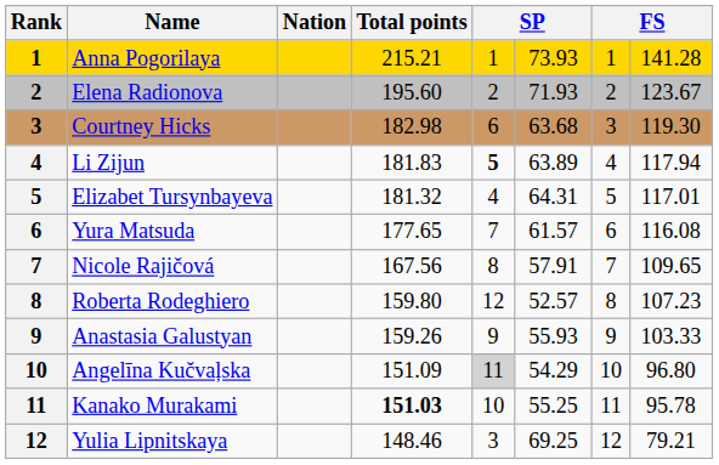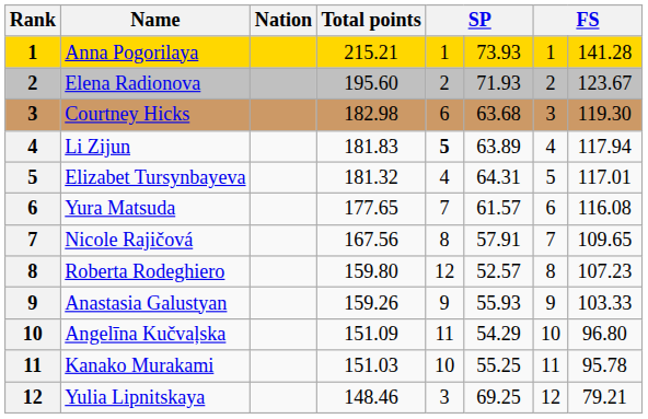 <table class="wikitable sortable">
 <tr>
 <th>Rank</th>
 <th>Name</th>
 <th>Nation</th>
 <th>Total points</th>
 <th colspan="2" width="80px"><a href='#'>SP</a></th>
 <th colspan="2" width="80px"><a href='#'>FS</a></th>
 </tr>
 <tr bgcolor="gold">
 <td align="center"><strong>1</strong></td>
 <td><a href='#'>Anna Pogorilaya</a></td>
 <td></td>
 <td align="center">215.21</td>
 <td align="center">1</td>
 <td align="center">73.93</td>
 <td align="center">1</td>
 <td align="center">141.28</td>
 </tr>
 <tr bgcolor="silver">
 <td align="center"><strong>2</strong></td>
 <td><a href='#'>Elena Radionova</a></td>
 <td></td>
 <td align="center">195.60</td>
 <td align="center">2</td>
 <td align="center">71.93</td>
 <td align="center">2</td>
 <td align="center">123.67</td>
 </tr>
 <tr bgcolor="cc9966">
 <td align="center"><strong>3</strong></td>
 <td><a href='#'>Courtney Hicks</a></td>
 <td></td>
 <td align="center">182.98</td>
 <td align="center">6</td>
 <td align="center">63.68</td>
 <td align="center">3</td>
 <td align="center">119.30</td>
 </tr>
 <tr>
 <th>4</th>
 <td><a href='#'>Li Zijun</a></td>
 <td></td>
 <td align="center">181.83</td>
 <td align="center"><strong>5</strong></td>
 <td align="center">63.89</td>
 <td align="center">4</td>
 <td align="center">117.94</td>
 </tr>
 <tr>
 <th>5</th>
 <td><a href='#'>Elizabet Tursynbayeva</a></td>
 <td></td>
 <td align="center">181.32</td>
 <td align="center">4</td>
 <td align="center">64.31</td>
 <td align="center">5</td>
 <td align="center">117.01</td>
 </tr>
 <tr>
 <th>6</th>
 <td><a href='#'>Yura Matsuda</a></td>
 <td></td>
 <td align="center">177.65</td>
 <td align="center">7</td>
 <td align="center">61.57</td>
 <td align="center">6</td>
 <td align="center">116.08</td>
 </tr>
 <tr>
 <th>7</th>
 <td><a href='#'>Nicole Rajičová</a></td>
 <td></td>
 <td align="center">167.56</td>
 <td align="center">8</td>
 <td align="center">57.91</td>
 <td align="center">7</td>
 <td align="center">109.65</td>
 </tr>
 <tr>
 <th>8</th>
 <td><a href='#'>Roberta Rodeghiero</a></td>
 <td></td>
 <td align="center">159.80</td>
 <td align="center">12</td>
 <td align="center">52.57</td>
 <td align="center">8</td>
 <td align="center">107.23</td>
 </tr>
 <tr>
 <th>9</th>
 <td><a href='#'>Anastasia Galustyan</a></td>
 <td></td>
 <td align="center">159.26</td>
 <td align="center">9</td>
 <td align="center">55.93</td>
 <td align="center">9</td>
 <td align="center">103.33</td>
 </tr>
 <tr>
 <th>10</th>
 <td><a href='#'>Angelīna Kučvaļska</a></td>
 <td></td>
 <td align="center">151.09</td>
-<td align="center" style="background: lightgrey;">11</td>
+<td align="center">11</td>
 <td align="center">54.29</td>
 <td align="center">10</td>
 <td align="center">96.80</td>
 </tr>
 <tr>
 <th>11</th>
 <td><a href='#'>Kanako Murakami</a></td>
 <td></td>
-<td align="center"><strong>151.03</strong></td>
+<td align="center">151.03</td>
 <td align="center">10</td>
 <td align="center">55.25</td>
 <td align="center">11</td>
 <td align="center">95.78</td>
 </tr>
 <tr>
 <th>12</th>
 <td><a href='#'>Yulia Lipnitskaya</a></td>
 <td></td>
 <td align="center">148.46</td>
 <td align="center">3</td>
 <td align="center">69.25</td>
 <td align="center">12</td>
 <td align="center">79.21</td>
 </tr>
 </table>
